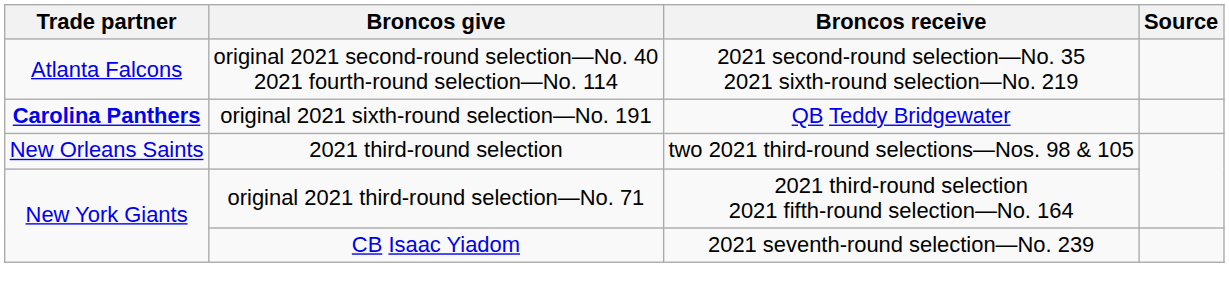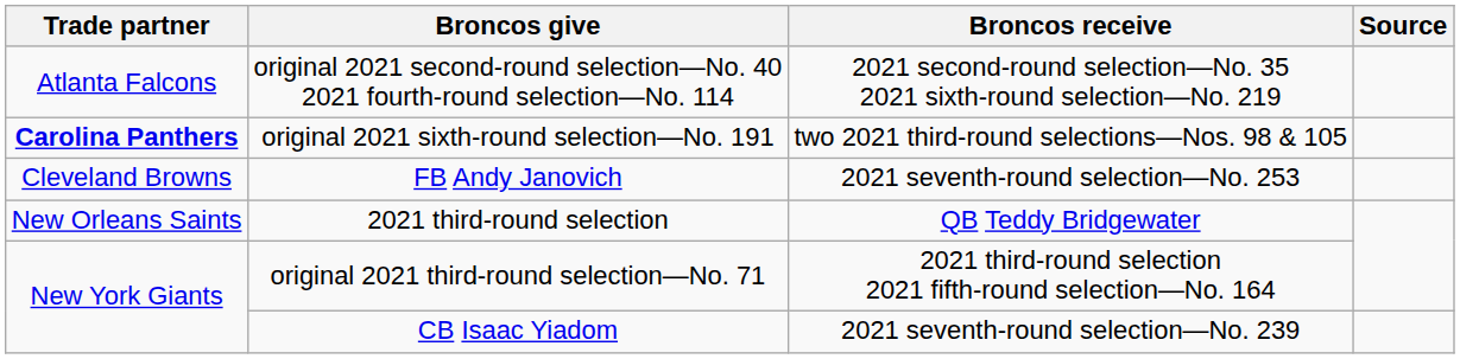 <table class="wikitable" style="text-align:center">
 <tr>
 <th>Trade partner</th>
 <th>Broncos give</th>
 <th>Broncos receive</th>
 <th>Source</th>
 </tr>
 <tr>
 <td><a href='#'>Atlanta Falcons</a></td>
 <td>original 2021 second-round selection—No. 40<br>2021 fourth-round selection—No. 114</td>
 <td>2021 second-round selection—No. 35<br>2021 sixth-round selection—No. 219</td>
 <td></td>
 </tr>
 <tr>
 <td><strong><a href='#'>Carolina Panthers</a></strong></td>
 <td>original 2021 sixth-round selection—No. 191</td>
-<td><a href='#'>QB</a> <a href='#'>Teddy Bridgewater</a></td>
+<td>two 2021 third-round selections—Nos. 98 & 105</td>
+<td></td>
+</tr>
+<tr>
+<td><a href='#'>Cleveland Browns</a></td>
+<td><a href='#'>FB</a> <a href='#'>Andy Janovich</a></td>
+<td>2021 seventh-round selection—No. 253</td>
 <td></td>
 </tr>
 <tr>
 <td><a href='#'>New Orleans Saints</a></td>
 <td>2021 third-round selection </td>
-<td>two 2021 third-round selections—Nos. 98 & 105</td>
+<td><a href='#'>QB</a> <a href='#'>Teddy Bridgewater</a></td>
 <td rowspan=2></td>
 </tr>
 <tr>
 <td rowspan=2><a href='#'>New York Giants</a></td>
 <td>original 2021 third-round selection—No. 71</td>
 <td>2021 third-round selection <br>2021 fifth-round selection—No. 164</td>
 </tr>
 <tr>
 <td><a href='#'>CB</a> <a href='#'>Isaac Yiadom</a></td>
 <td>2021 seventh-round selection—No. 239</td>
 <td></td>
 </tr>
 </table>
